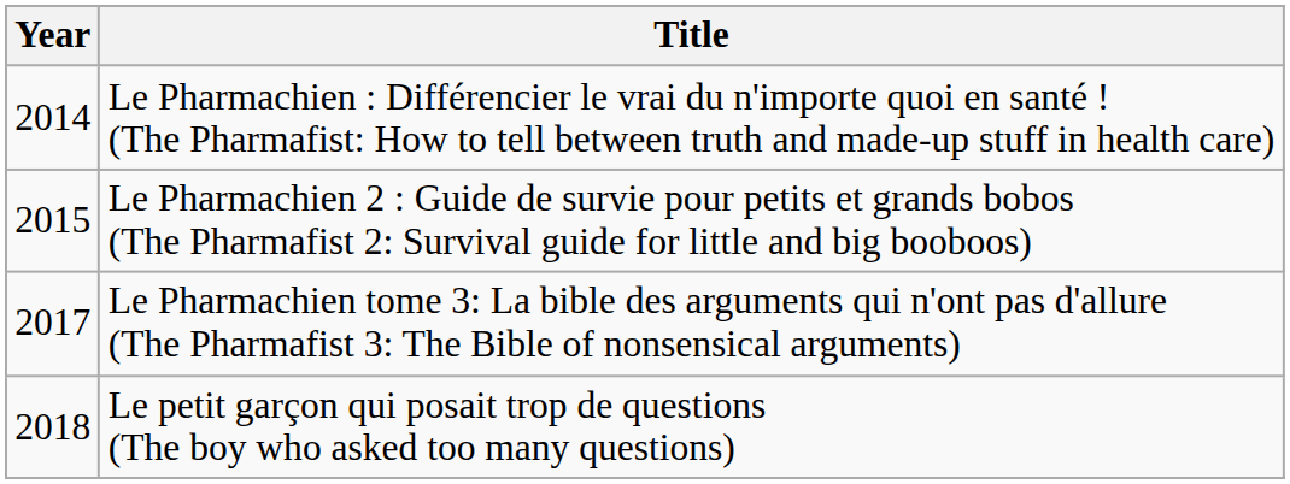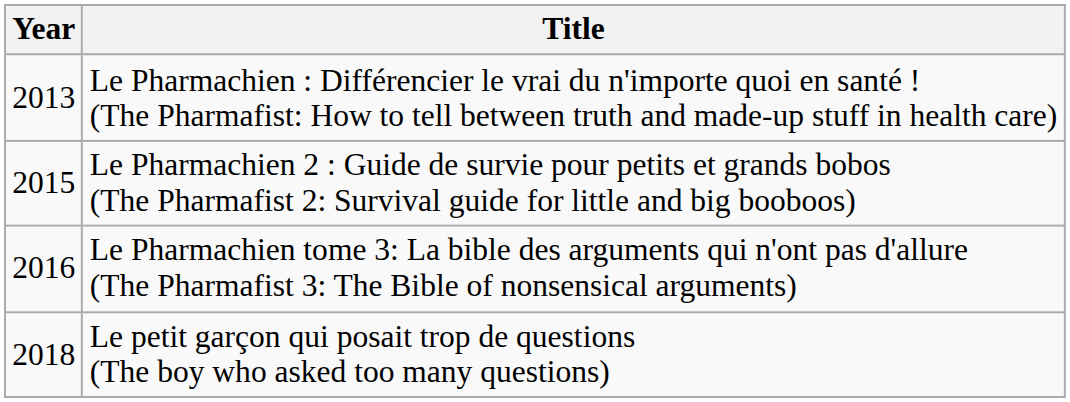 <table class="wikitable">
 <tr>
 <th>Year</th>
 <th>Title</th>
 </tr>
 <tr>
-<td>2014</td>
+<td>2013</td>
 <td>Le Pharmachien : Différencier le vrai du n'importe quoi en santé !<br>(The Pharmafist: How to tell between truth and made-up stuff in health care)</td>
 </tr>
 <tr>
 <td>2015</td>
 <td>Le Pharmachien 2 : Guide de survie pour petits et grands bobos<br>(The Pharmafist 2: Survival guide for little and big booboos)</td>
 </tr>
 <tr>
-<td>2017</td>
+<td>2016</td>
 <td>Le Pharmachien tome 3: La bible des arguments qui n'ont pas d'allure<br>(The Pharmafist 3: The Bible of nonsensical arguments)</td>
 </tr>
 <tr>
 <td>2018</td>
 <td>Le petit garçon qui posait trop de questions<br>(The boy who asked too many questions)</td>
 </tr>
 </table>
